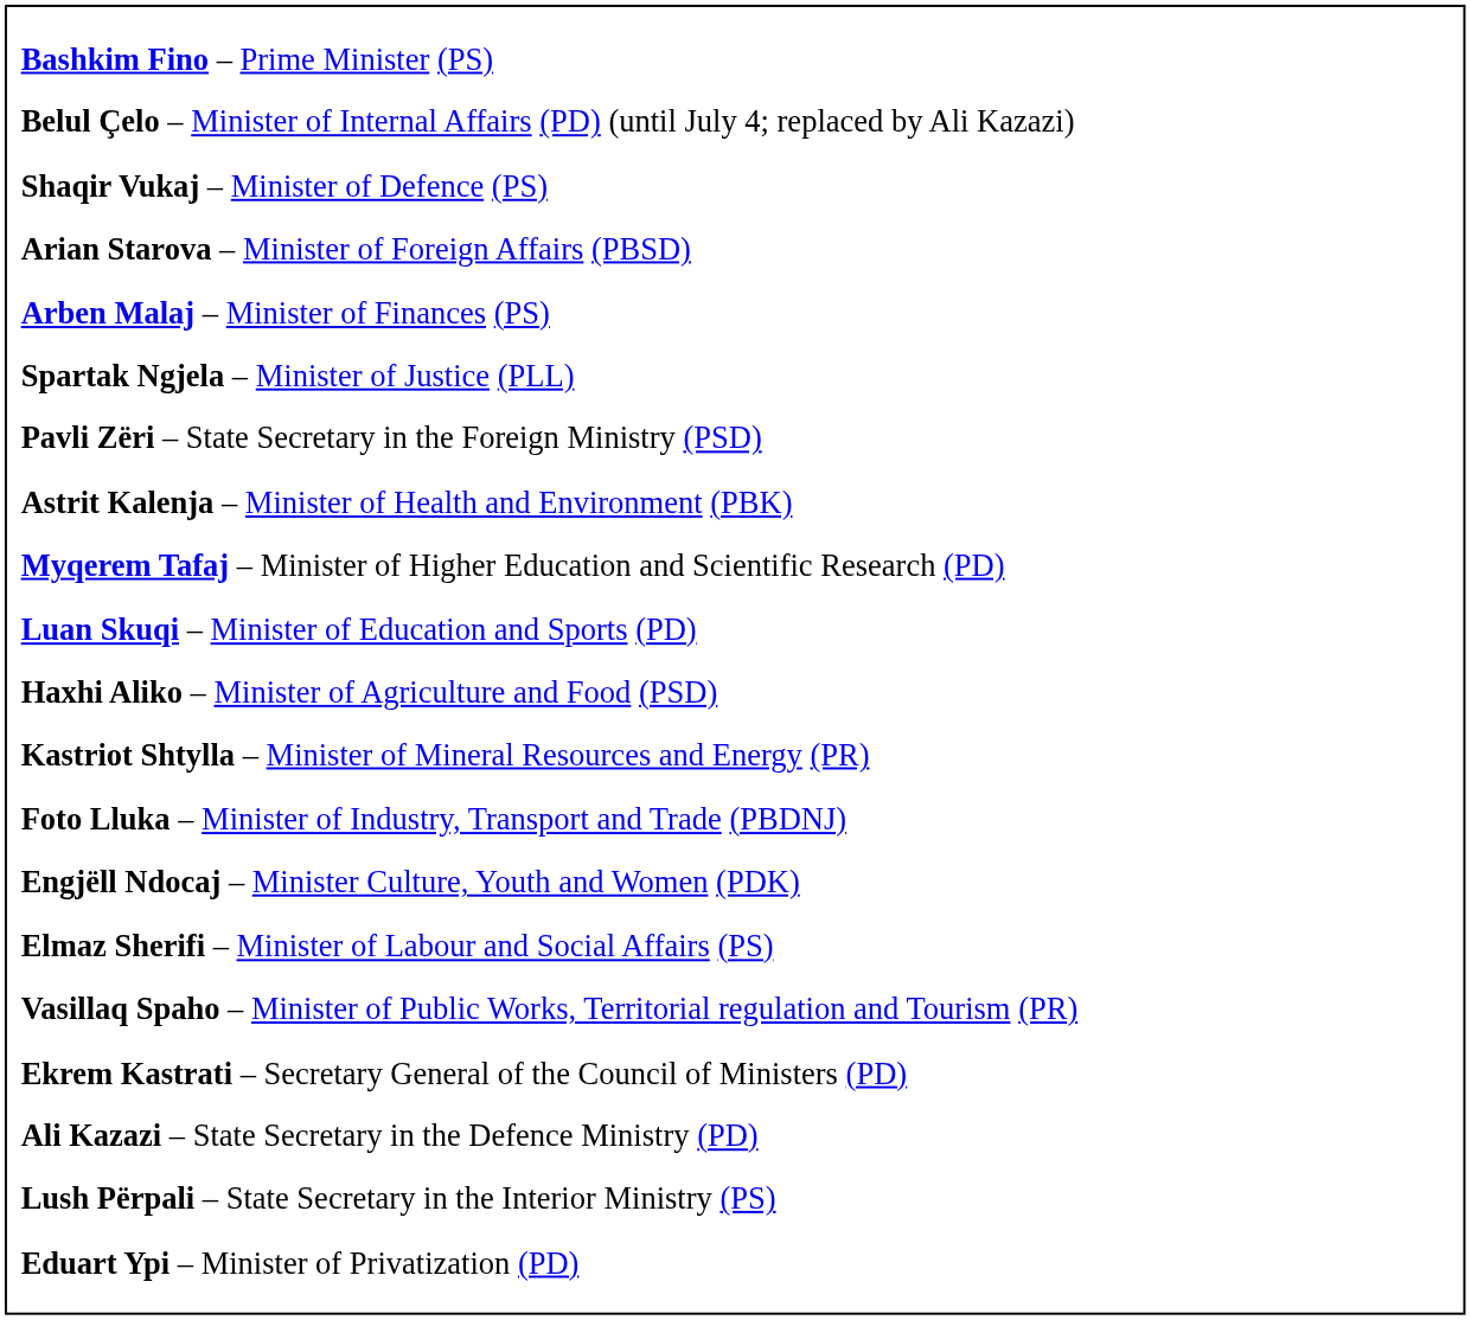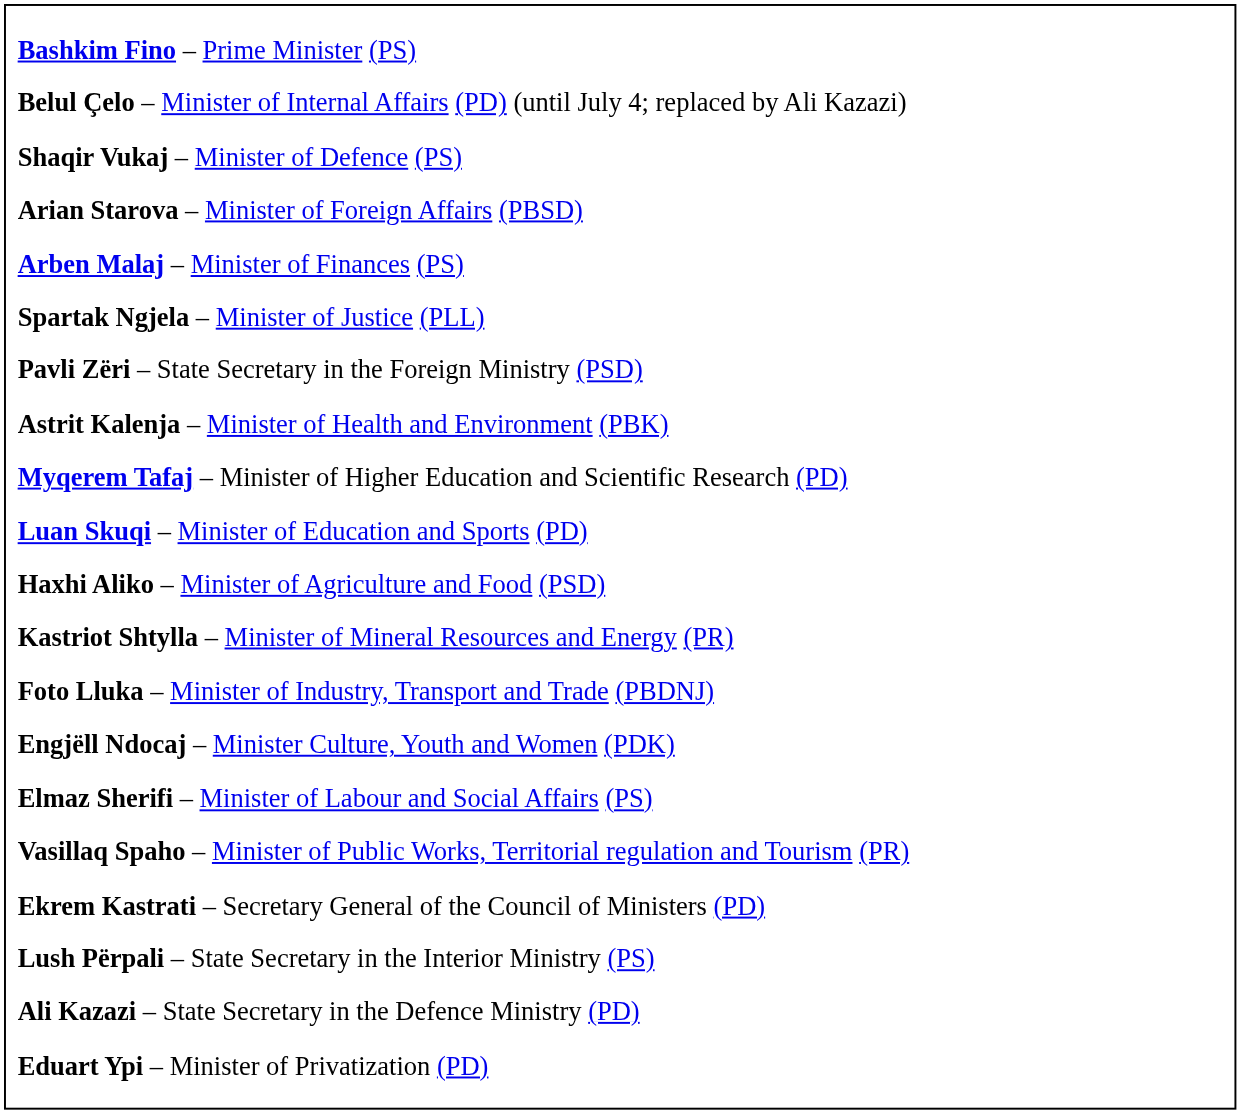 <table cellpadding="1" cellspacing="5" style="border:1px solid #000000; font-size:85%; line-height: 1.5em;" width="50%">
 <tr>
 <td align="center"></td>
 </tr>
 <tr>
 <td><strong><a href='#'>Bashkim Fino</a></strong> – <a href='#'>Prime Minister</a> <a href='#'>(PS)</a></td>
 </tr>
 <tr>
 <td><strong>Belul Çelo</strong> – <a href='#'>Minister of Internal Affairs</a> <a href='#'>(PD)</a> (until July 4; replaced by Ali Kazazi)</td>
 </tr>
 <tr>
 <td><strong>Shaqir Vukaj</strong> – <a href='#'>Minister of Defence</a> <a href='#'>(PS)</a></td>
 </tr>
 <tr>
 <td><strong>Arian Starova</strong> – <a href='#'>Minister of Foreign Affairs</a> <a href='#'>(PBSD)</a></td>
 </tr>
 <tr>
 <td><strong><a href='#'>Arben Malaj</a></strong> – <a href='#'>Minister of Finances</a> <a href='#'>(PS)</a></td>
 </tr>
 <tr>
 <td><strong>Spartak Ngjela</strong> – <a href='#'>Minister of Justice</a> <a href='#'>(PLL)</a></td>
 </tr>
 <tr>
 <td><strong>Pavli Zëri</strong> – State Secretary in the Foreign Ministry <a href='#'>(PSD)</a></td>
 </tr>
 <tr>
 <td><strong>Astrit Kalenja</strong> – <a href='#'>Minister of Health and Environment</a> <a href='#'>(PBK)</a></td>
 </tr>
 <tr>
 <td><strong><a href='#'>Myqerem Tafaj</a></strong> – Minister of Higher Education and Scientific Research <a href='#'>(PD)</a></td>
 </tr>
 <tr>
 <td><strong><a href='#'>Luan Skuqi</a></strong> – <a href='#'>Minister of Education and Sports</a> <a href='#'>(PD)</a></td>
 </tr>
 <tr>
 <td><strong>Haxhi Aliko</strong> – <a href='#'>Minister of Agriculture and Food</a> <a href='#'>(PSD)</a></td>
 </tr>
 <tr>
 <td><strong>Kastriot Shtylla</strong> – <a href='#'>Minister of Mineral Resources and Energy</a> <a href='#'>(PR)</a></td>
 </tr>
 <tr>
 <td><strong>Foto Lluka</strong> – <a href='#'>Minister of Industry, Transport and Trade</a> <a href='#'>(PBDNJ)</a></td>
 </tr>
 <tr>
 <td><strong>Engjëll Ndocaj</strong> – <a href='#'>Minister Culture, Youth and Women</a> <a href='#'>(PDK)</a></td>
 </tr>
 <tr>
 <td><strong>Elmaz Sherifi</strong> – <a href='#'>Minister of Labour and Social Affairs</a> <a href='#'>(PS)</a></td>
 </tr>
 <tr>
 <td><strong>Vasillaq Spaho</strong> – <a href='#'>Minister of Public Works, Territorial regulation and Tourism</a> <a href='#'>(PR)</a></td>
 </tr>
 <tr>
 <td><strong>Ekrem Kastrati</strong> – Secretary General of the Council of Ministers <a href='#'>(PD)</a></td>
 </tr>
 <tr>
-<td><strong>Ali Kazazi</strong> – State Secretary in the Defence Ministry <a href='#'>(PD)</a></td>
+<td><strong>Lush Përpali</strong> – State Secretary in the Interior Ministry <a href='#'>(PS)</a></td>
 </tr>
 <tr>
-<td><strong>Lush Përpali</strong> – State Secretary in the Interior Ministry <a href='#'>(PS)</a></td>
+<td><strong>Ali Kazazi</strong> – State Secretary in the Defence Ministry <a href='#'>(PD)</a></td>
 </tr>
 <tr>
 <td><strong>Eduart Ypi</strong> – Minister of Privatization <a href='#'>(PD)</a></td>
 </tr>
 <tr>
 </tr>
 </table>
